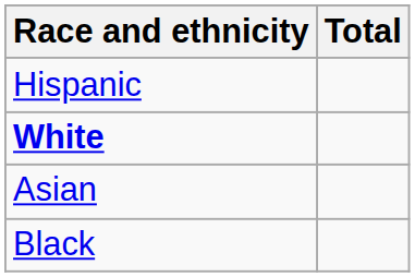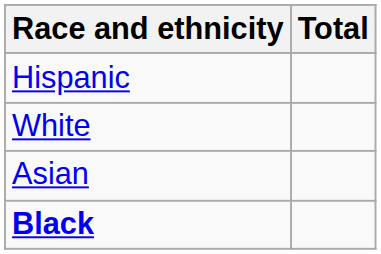 <table class="wikitable sortable collapsible"; text-align:right; font-size:80%;">
 <tr>
 <th>Race and ethnicity</th>
 <th colspan="2" data-sort-type=number>Total</th>
 </tr>
 <tr>
 <td><a href='#'>Hispanic</a></td>
 <td align=right></td>
 </tr>
 <tr>
-<td><strong><a href='#'>White</a></strong></td>
+<td><a href='#'>White</a></td>
 <td align=right></td>
 </tr>
 <tr>
 <td><a href='#'>Asian</a></td>
 <td align=right></td>
 </tr>
 <tr>
-<td><a href='#'>Black</a></td>
+<td><strong><a href='#'>Black</a></strong></td>
 <td align=right></td>
 </tr>
 </table>
